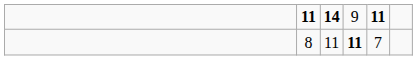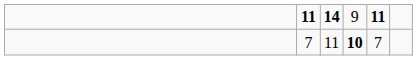 <table class="wikitable">
 <tr>
 <td style="width:18em"></td>
 <td align=center style="width:1em"><strong>11</strong></td>
 <td align=center style="width:1em"><strong>14</strong></td>
 <td align=center style="width:1em">9</td>
 <td align=center style="width:1em"><strong>11</strong></td>
 <td align=center style="width:1em"></td>
 </tr>
 <tr>
 <td style="width:18em"></td>
-<td align=center style="width:1em">8</td>
+<td align=center style="width:1em">7</td>
 <td align=center style="width:1em">11</td>
-<td align=center style="width:1em"><strong>11</strong></td>
+<td align=center style="width:1em"><strong>10</strong></td>
 <td align=center style="width:1em">7</td>
 <td align=center style="width:1em"></td>
 </tr>
 </table>
